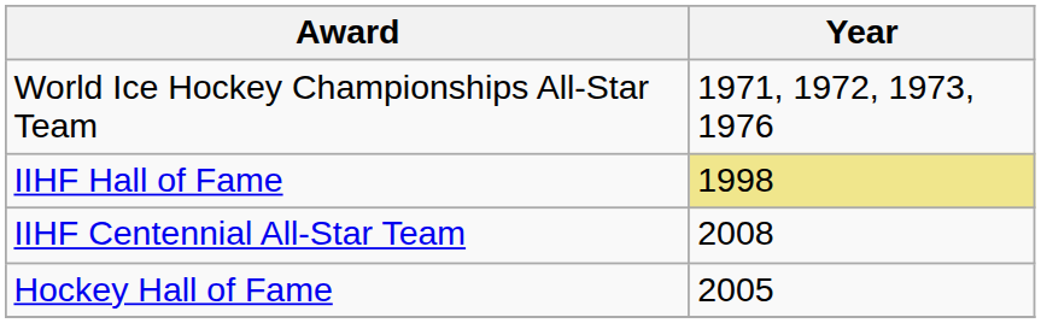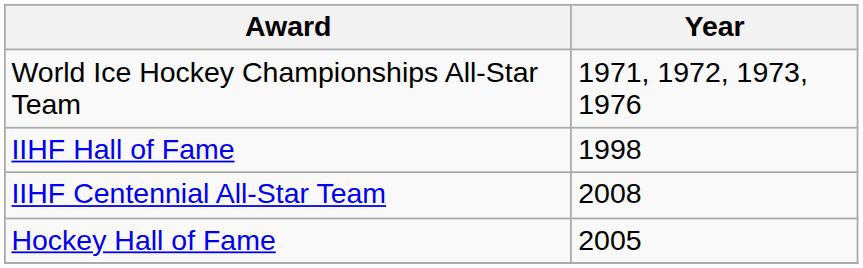 <table class="wikitable" style="width:30em">
 <tr>
 <th>Award</th>
 <th>Year</th>
 </tr>
 <tr>
 <td>World Ice Hockey Championships All-Star Team</td>
 <td>1971, 1972, 1973, 1976</td>
 </tr>
 <tr>
 <td><a href='#'>IIHF Hall of Fame</a></td>
-<td style="background: khaki;">1998</td>
+<td>1998</td>
 </tr>
 <tr>
 <td><a href='#'>IIHF Centennial All-Star Team</a></td>
 <td>2008</td>
 </tr>
 <tr>
 <td><a href='#'>Hockey Hall of Fame</a></td>
 <td>2005</td>
 </tr>
 <tr>
 </tr>
 </table>
